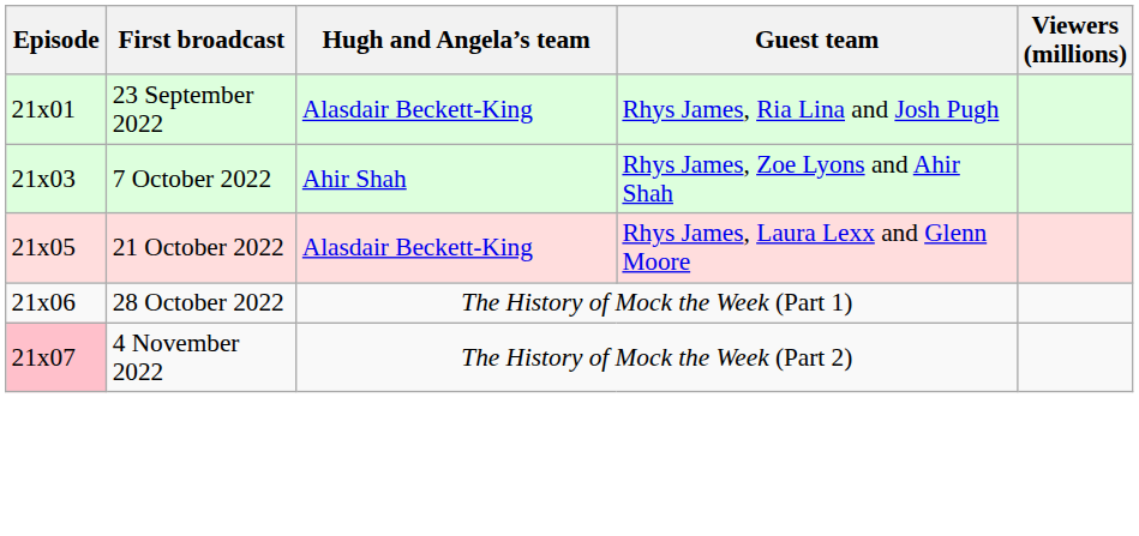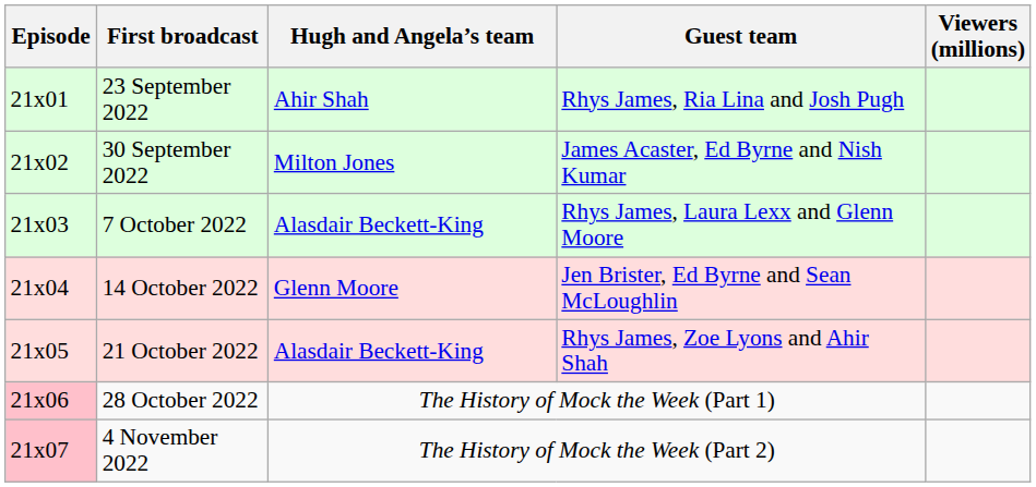 <table class="wikitable" style="width:80%;">
 <tr>
 <th style="width:9%;">Episode</th>
 <th style="width:18%;">First broadcast</th>
 <th style="width:32%;">Hugh and Angela’s team</th>
 <th style="width:41%;">Guest team</th>
 <th style="width:41%;">Viewers<br>(millions)</th>
 </tr>
 <tr style="background:#dfd;">
 <td>21x01</td>
 <td>23 September 2022</td>
-<td><a href='#'>Alasdair Beckett-King</a></td>
+<td><a href='#'>Ahir Shah</a></td>
 <td><a href='#'>Rhys James</a>, <a href='#'>Ria Lina</a> and <a href='#'>Josh Pugh</a></td>
+<td></td>
+</tr>
+<tr style="background:#dfd;">
+<td>21x02</td>
+<td>30 September 2022</td>
+<td><a href='#'>Milton Jones</a></td>
+<td><a href='#'>James Acaster</a>, <a href='#'>Ed Byrne</a> and <a href='#'>Nish Kumar</a></td>
 <td></td>
 </tr>
 <tr style="background:#dfd">
 <td>21x03</td>
 <td>7 October 2022</td>
-<td><a href='#'>Ahir Shah</a></td>
-<td><a href='#'>Rhys James</a>, <a href='#'>Zoe Lyons</a> and <a href='#'>Ahir Shah</a></td>
+<td><a href='#'>Alasdair Beckett-King</a></td>
+<td><a href='#'>Rhys James</a>, <a href='#'>Laura Lexx</a> and <a href='#'>Glenn Moore</a></td>
+<td></td>
+</tr>
+<tr style="background:#fdd;">
+<td>21x04</td>
+<td>14 October 2022</td>
+<td><a href='#'>Glenn Moore</a></td>
+<td><a href='#'>Jen Brister</a>, <a href='#'>Ed Byrne</a> and <a href='#'>Sean McLoughlin</a></td>
 <td></td>
 </tr>
 <tr style="background:#fdd;">
 <td>21x05</td>
 <td>21 October 2022</td>
 <td><a href='#'>Alasdair Beckett-King</a></td>
-<td><a href='#'>Rhys James</a>, <a href='#'>Laura Lexx</a> and <a href='#'>Glenn Moore</a></td>
+<td><a href='#'>Rhys James</a>, <a href='#'>Zoe Lyons</a> and <a href='#'>Ahir Shah</a></td>
 <td></td>
 </tr>
 <tr>
-<td>21x06</td>
+<td style="background: pink;">21x06</td>
 <td>28 October 2022</td>
 <td colspan="2" style="text-align:center;"><em>The History of Mock the Week</em> (Part 1)</td>
 <td></td>
 </tr>
 <tr>
 <td style="background: pink;">21x07</td>
 <td>4 November 2022</td>
 <td colspan="2" style="text-align:center;"><em>The History of Mock the Week</em> (Part 2)</td>
 <td></td>
 </tr>
 </table>
